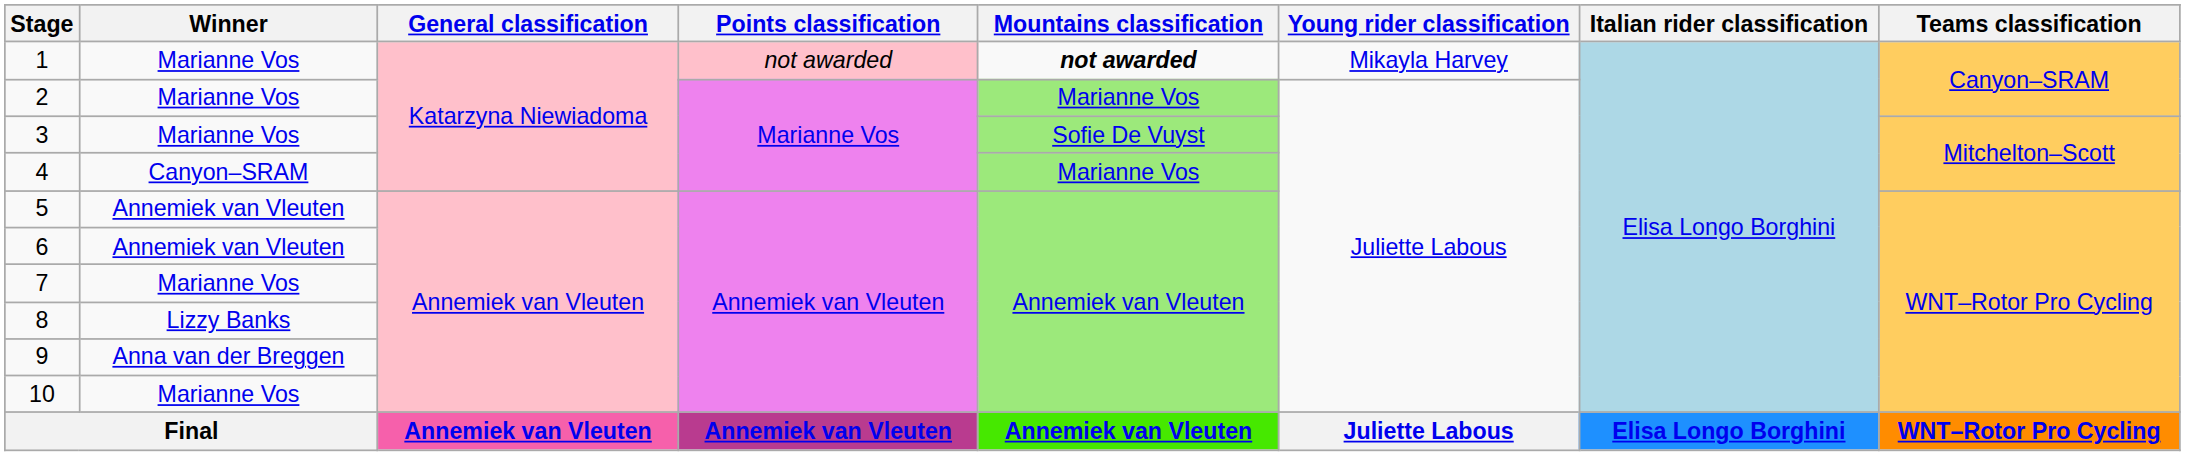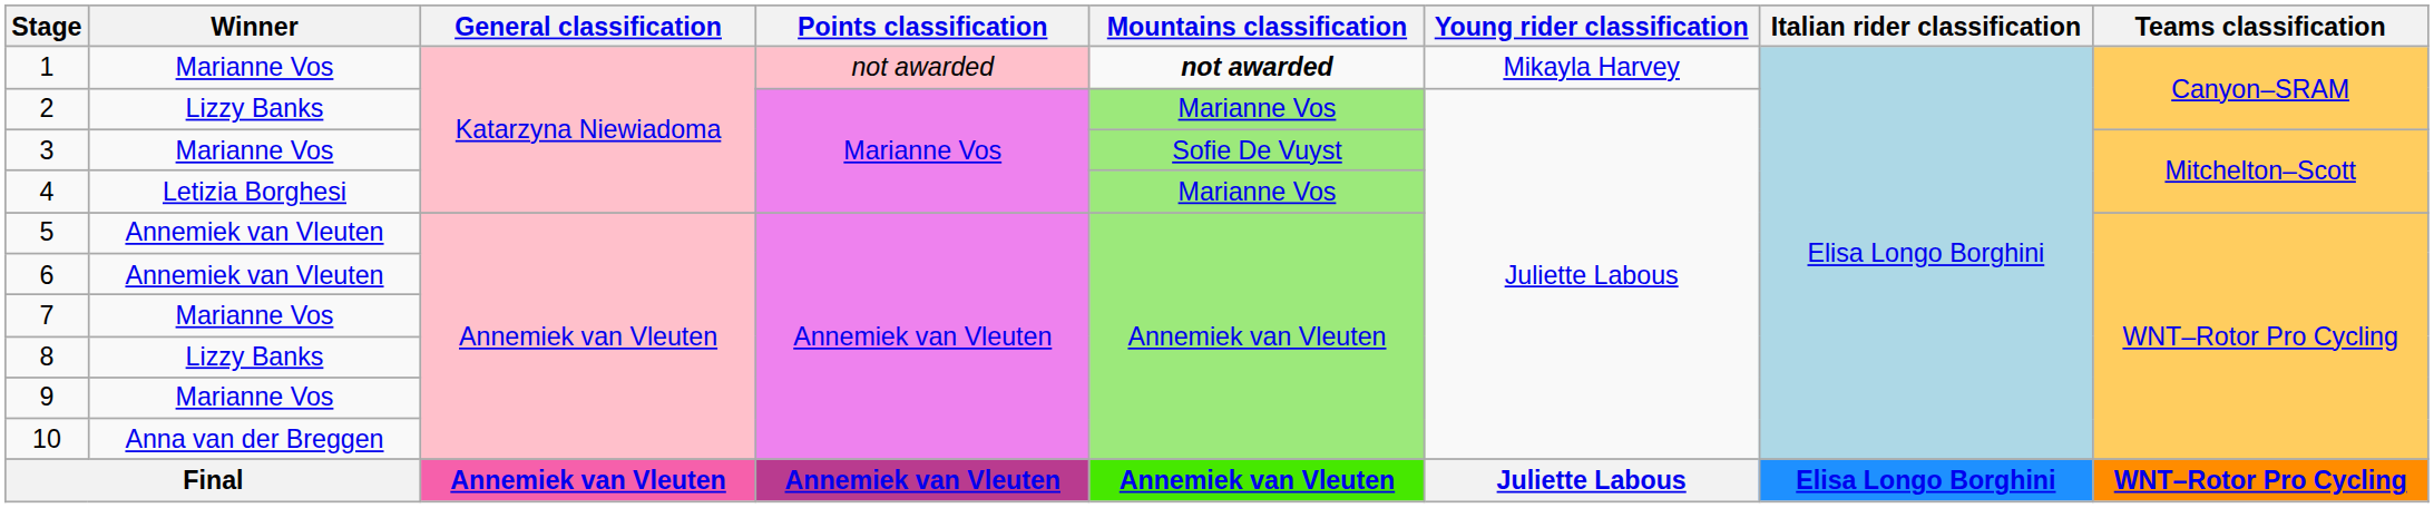 <table class="wikitable" style="text-align: center; font-size:smaller;">
 <tr style="background-color: #efefef;">
 <th width="2%">Stage</th>
 <th width="14%">Winner</th>
 <th width="14%"><a href='#'>General classification</a><br></th>
 <th width="14%"><a href='#'>Points classification</a><br></th>
 <th width="14%"><a href='#'>Mountains classification</a><br></th>
 <th width="14%"><a href='#'>Young rider classification</a><br></th>
 <th width="14%">Italian rider classification<br></th>
 <th width="14%">Teams classification<br></th>
 </tr>
 <tr>
 <td scope=row>1</td>
 <td><a href='#'>Marianne Vos</a></td>
 <td style="background:pink;" rowspan=4><a href='#'>Katarzyna Niewiadoma</a></td>
 <td style="background: pink;"><em>not awarded</em></td>
 <td><strong><em>not awarded</em></strong></td>
 <td style="background:offwhite;"><a href='#'>Mikayla Harvey</a></td>
 <td style="background:lightblue;" rowspan=10><a href='#'>Elisa Longo Borghini</a></td>
 <td style="background:#FFCD5F;" rowspan=2><a href='#'>Canyon–SRAM</a></td>
 </tr>
 <tr>
 <td>2</td>
-<td><a href='#'>Marianne Vos</a></td>
+<td><a href='#'>Lizzy Banks</a></td>
 <td style="background:violet;" rowspan=3><a href='#'>Marianne Vos</a></td>
 <td style="background:#9CE97B;"><a href='#'>Marianne Vos</a></td>
 <td style="background:offwhite;" rowspan=9><a href='#'>Juliette Labous</a></td>
 </tr>
 <tr>
 <td scope=row>3</td>
 <td><a href='#'>Marianne Vos</a></td>
 <td style="background:#9CE97B;"><a href='#'>Sofie De Vuyst</a></td>
 <td style="background:#FFCD5F;" rowspan=2><a href='#'>Mitchelton–Scott</a></td>
 </tr>
 <tr>
 <td scope=row>4</td>
-<td><a href='#'>Canyon–SRAM</a></td>
+<td><a href='#'>Letizia Borghesi</a></td>
 <td style="background:#9CE97B;"><a href='#'>Marianne Vos</a></td>
 </tr>
 <tr>
 <td scope=row>5</td>
 <td><a href='#'>Annemiek van Vleuten</a></td>
 <td style="background:pink;" rowspan=6><a href='#'>Annemiek van Vleuten</a></td>
 <td style="background:violet;" rowspan=6><a href='#'>Annemiek van Vleuten</a></td>
 <td style="background:#9CE97B;" rowspan=6><a href='#'>Annemiek van Vleuten</a></td>
 <td style="background:#FFCD5F;" rowspan=6><a href='#'>WNT–Rotor Pro Cycling</a></td>
 </tr>
 <tr>
 <td scope=row>6</td>
 <td><a href='#'>Annemiek van Vleuten</a></td>
 </tr>
 <tr>
 <td scope=row>7</td>
 <td><a href='#'>Marianne Vos</a></td>
 </tr>
 <tr>
 <td scope=row>8</td>
 <td><a href='#'>Lizzy Banks</a></td>
 </tr>
 <tr>
 <td scope=row>9</td>
-<td><a href='#'>Anna van der Breggen</a></td>
+<td><a href='#'>Marianne Vos</a></td>
 </tr>
 <tr>
 <td scope=row>10</td>
-<td><a href='#'>Marianne Vos</a></td>
+<td><a href='#'>Anna van der Breggen</a></td>
 </tr>
 <tr>
 <th colspan="2">Final</th>
 <th style="background:#F660AB;"><a href='#'>Annemiek van Vleuten</a></th>
 <th style="background:#B93B8F;"><a href='#'>Annemiek van Vleuten</a></th>
 <th style="background:#46E800;"><a href='#'>Annemiek van Vleuten</a></th>
 <th style="background:offwhite;"><a href='#'>Juliette Labous</a></th>
 <th style="background:dodgerblue;"><a href='#'>Elisa Longo Borghini</a></th>
 <th style="background:#FF8C00;"><a href='#'>WNT–Rotor Pro Cycling</a></th>
 </tr>
 </table>
